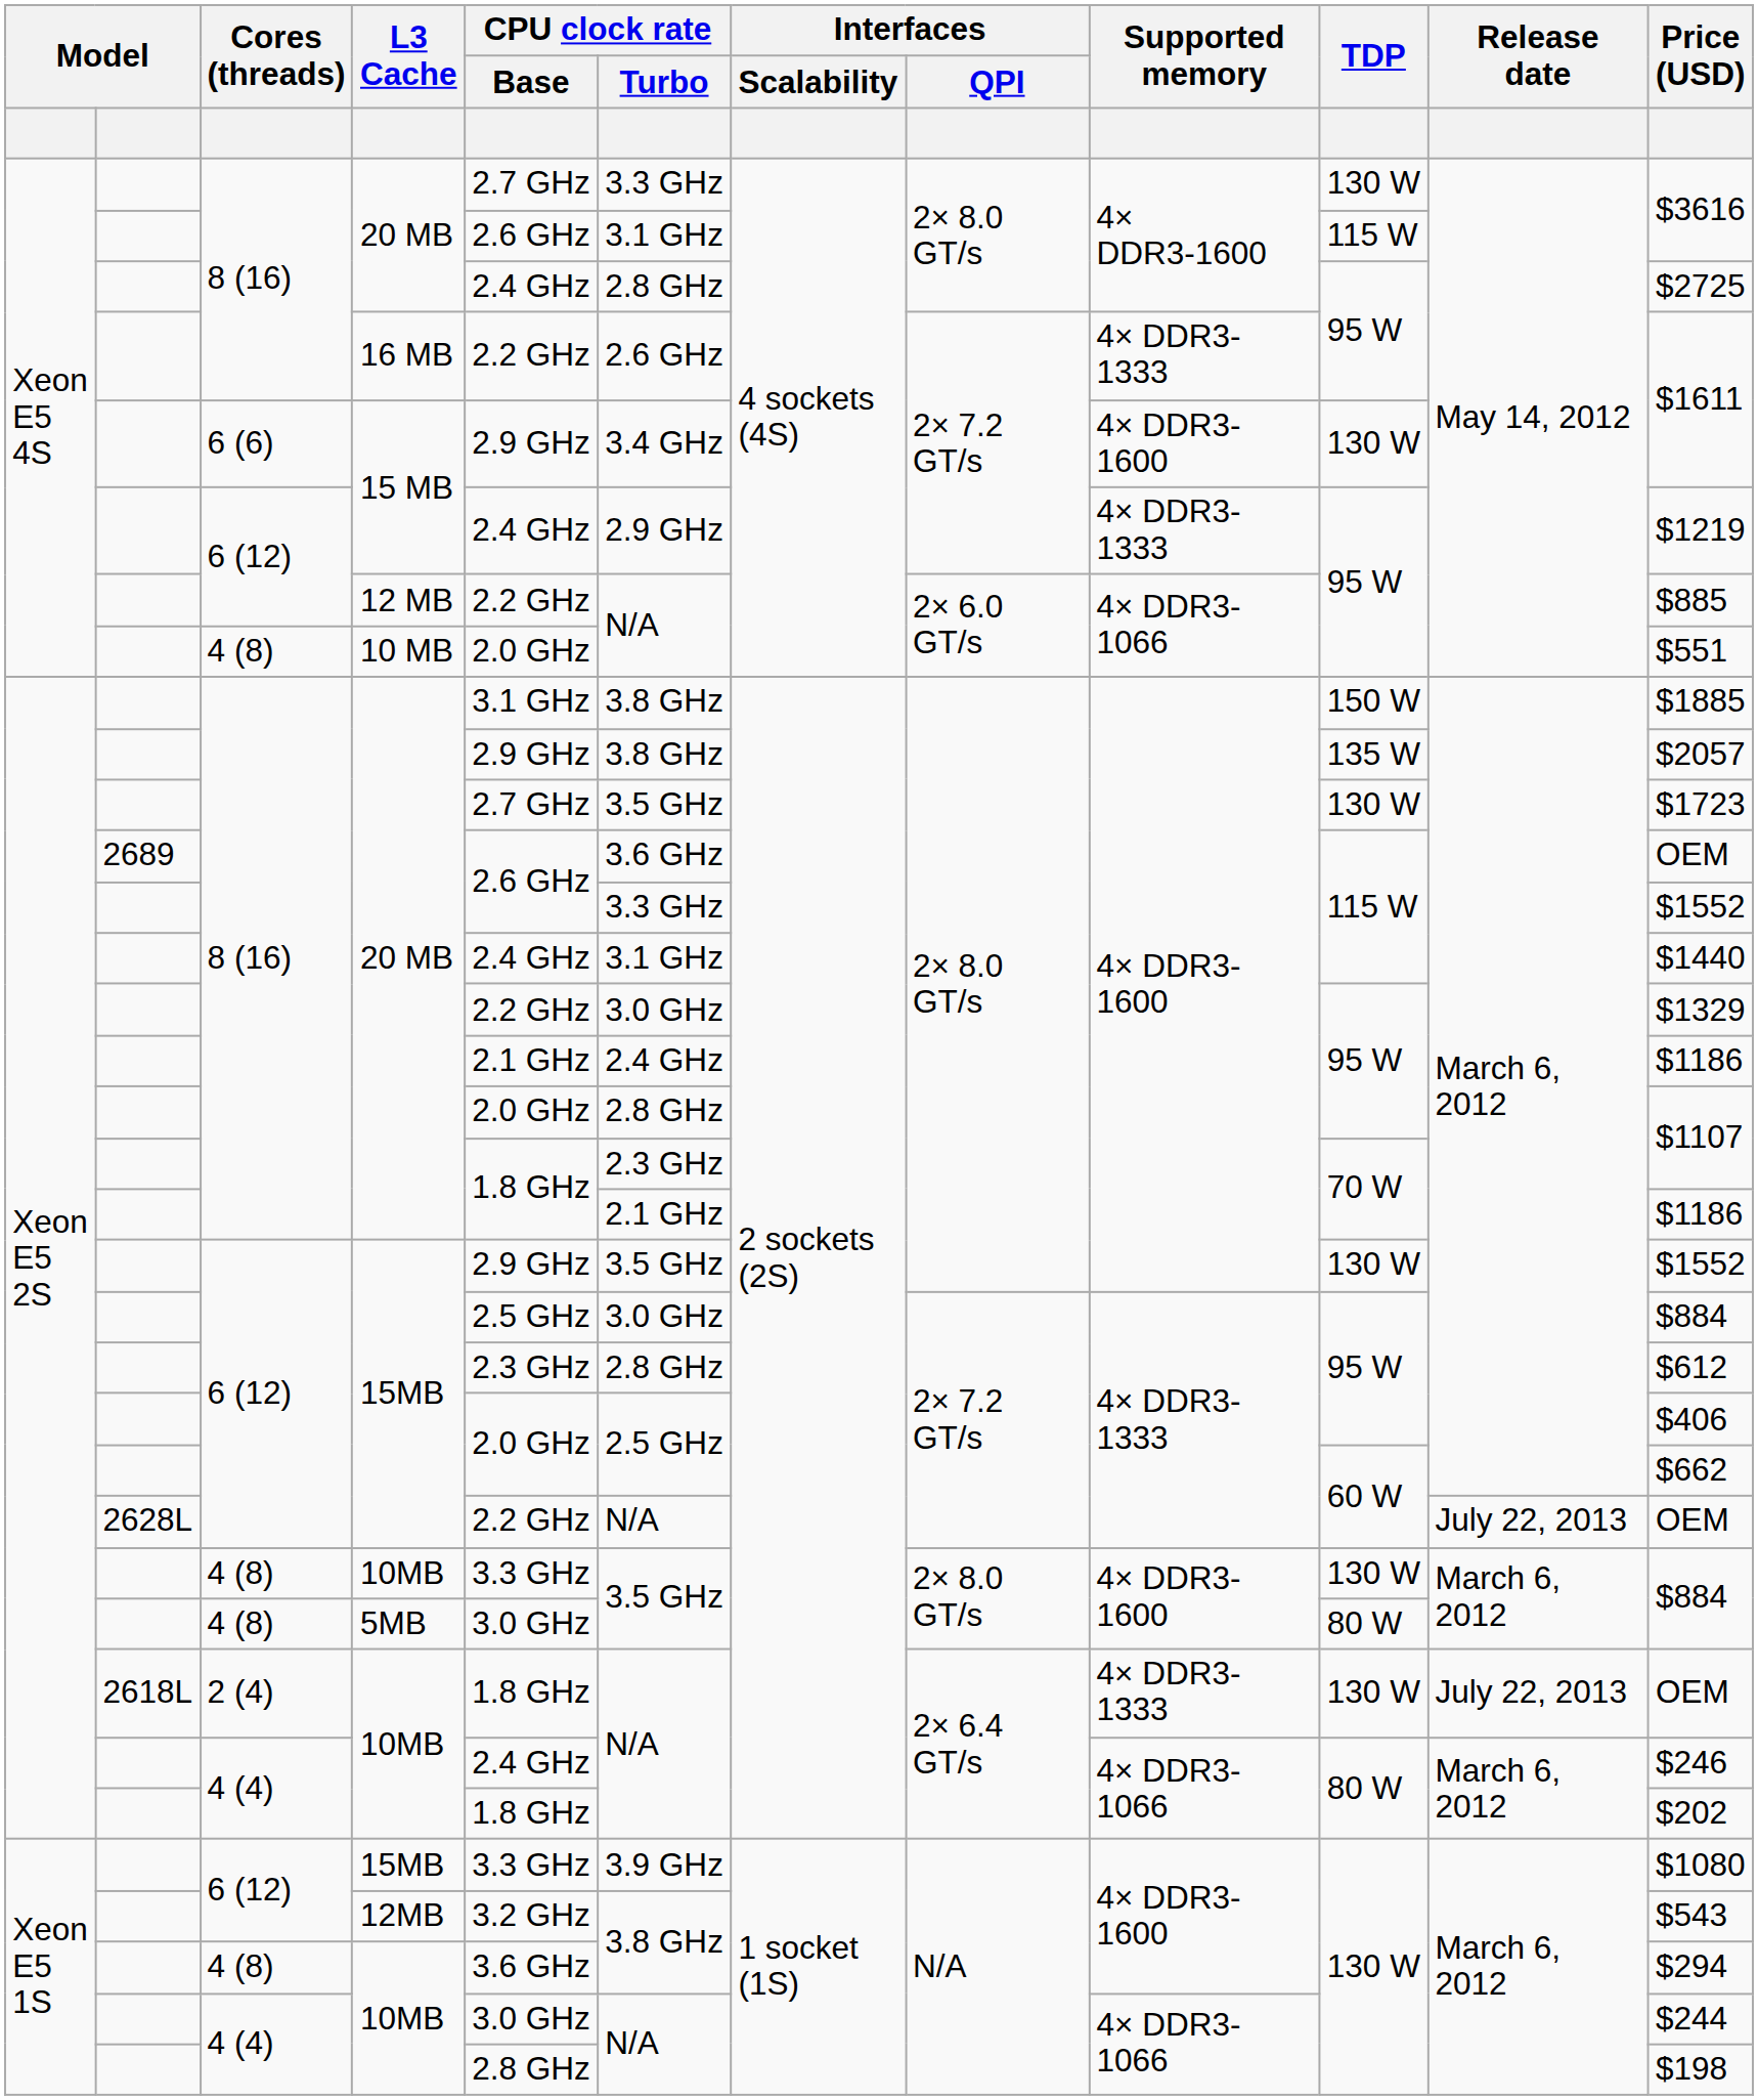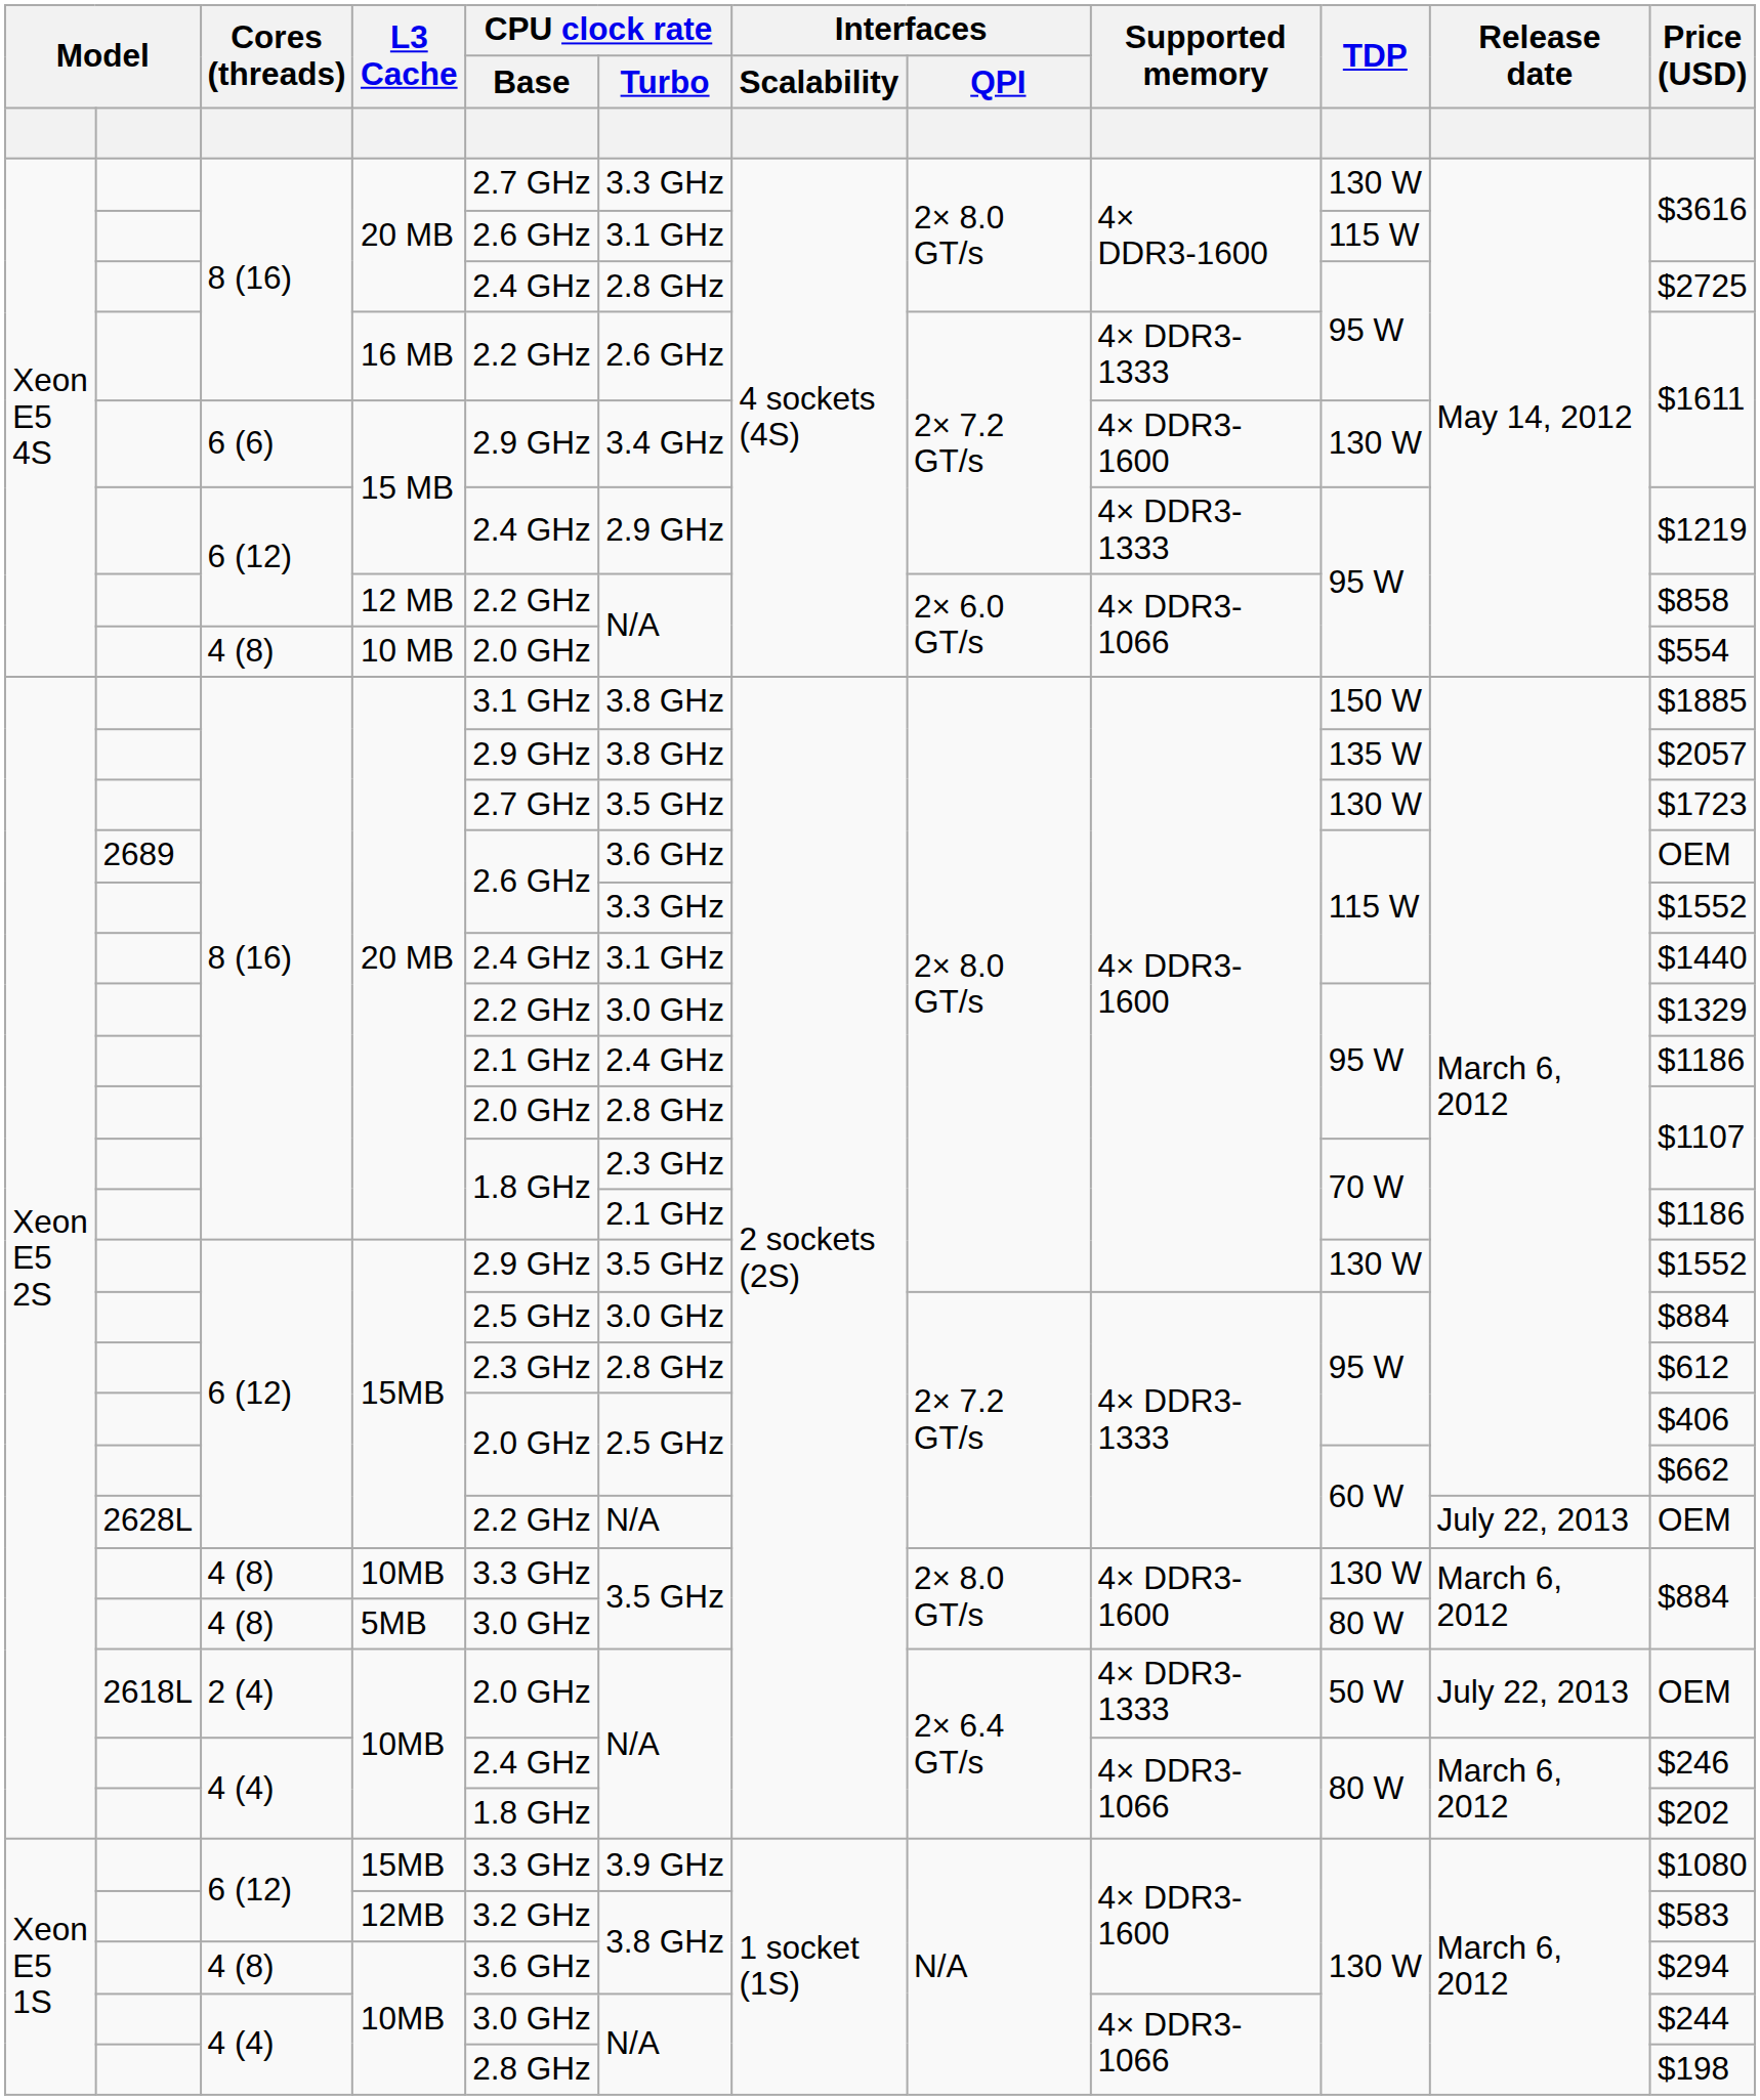 <table class="wikitable sortable hover-highlight">
 <tr>
 <th colspan="2" rowspan="2">Model</th>
 <th rowspan="2">Cores<br>(threads)</th>
 <th rowspan="2"><a href='#'>L3<br>Cache</a></th>
 <th colspan="2">CPU <a href='#'>clock rate</a></th>
 <th colspan="2">Interfaces</th>
 <th rowspan="2">Supported<br>memory</th>
 <th rowspan="2"><a href='#'>TDP</a></th>
 <th rowspan="2">Release<br>date</th>
 <th rowspan="2">Price<br>(USD)</th>
 </tr>
 <tr>
 <th>Base</th>
 <th><a href='#'>Turbo</a></th>
 <th>Scalability</th>
 <th><a href='#'>QPI</a></th>
 </tr>
 <tr>
 <th style="background-position:center"><br></th>
 <th style="background-position:center"></th>
 <th style="background-position:center"></th>
 <th style="background-position:center"></th>
 <th style="background-position:center"></th>
 <th style="background-position:center"></th>
 <th style="background-position:center"></th>
 <th style="background-position:center"></th>
 <th style="background-position:center"></th>
 <th style="background-position:center"></th>
 <th style="background-position:center"></th>
 <th style="background-position:center"></th>
 </tr>
 <tr>
 <td rowspan="8">Xeon<br>E5<br>4S</td>
 <td></td>
 <td rowspan="4">8 (16)</td>
 <td rowspan="3">20 MB</td>
 <td>2.7 GHz</td>
 <td>3.3 GHz</td>
 <td rowspan="8">4 sockets<br>(4S)</td>
 <td rowspan="3">2× 8.0 GT/s</td>
 <td rowspan="3">4×<br>DDR3-1600</td>
 <td>130 W</td>
 <td rowspan="8">May 14, 2012</td>
 <td rowspan="2">$3616</td>
 </tr>
 <tr>
 <td></td>
 <td>2.6 GHz</td>
 <td>3.1 GHz</td>
 <td>115 W</td>
 </tr>
 <tr>
 <td></td>
 <td>2.4 GHz</td>
 <td>2.8 GHz</td>
 <td rowspan="2">95 W</td>
 <td>$2725</td>
 </tr>
 <tr>
 <td></td>
 <td>16 MB</td>
 <td>2.2 GHz</td>
 <td>2.6 GHz</td>
 <td rowspan="3">2× 7.2 GT/s</td>
 <td>4× DDR3-1333</td>
 <td rowspan="2">$1611</td>
 </tr>
 <tr>
 <td></td>
 <td>6 (6)</td>
 <td rowspan="2">15 MB</td>
 <td>2.9 GHz</td>
 <td>3.4 GHz</td>
 <td>4× DDR3-1600</td>
 <td>130 W</td>
 </tr>
 <tr>
 <td></td>
 <td rowspan="2">6 (12)</td>
 <td>2.4 GHz</td>
 <td>2.9 GHz</td>
 <td>4× DDR3-1333</td>
 <td rowspan="3">95 W</td>
 <td>$1219</td>
 </tr>
 <tr>
 <td></td>
 <td>12 MB</td>
 <td>2.2 GHz</td>
 <td rowspan="2">N/A</td>
 <td rowspan="2">2× 6.0 GT/s</td>
 <td rowspan="2">4× DDR3-1066</td>
-<td>$885</td>
+<td>$858</td>
 </tr>
 <tr>
 <td></td>
 <td>4 (8)</td>
 <td>10 MB</td>
 <td>2.0 GHz</td>
-<td>$551</td>
+<td>$554</td>
 </tr>
 <tr>
 <td rowspan="22">Xeon<br>E5<br>2S</td>
 <td></td>
 <td rowspan="11">8 (16)</td>
 <td rowspan="11">20 MB</td>
 <td>3.1 GHz</td>
 <td>3.8 GHz</td>
 <td rowspan="22">2 sockets<br>(2S)</td>
 <td rowspan="12">2× 8.0 GT/s</td>
 <td rowspan="12">4× DDR3-1600</td>
 <td>150 W</td>
 <td rowspan="16">March 6, 2012</td>
 <td>$1885</td>
 </tr>
 <tr>
 <td></td>
 <td>2.9 GHz</td>
 <td>3.8 GHz</td>
 <td>135 W</td>
 <td>$2057</td>
 </tr>
 <tr>
 <td></td>
 <td>2.7 GHz</td>
 <td>3.5 GHz</td>
 <td>130 W</td>
 <td>$1723</td>
 </tr>
 <tr>
 <td>2689</td>
 <td rowspan="2">2.6 GHz</td>
 <td>3.6 GHz</td>
 <td rowspan="3">115 W</td>
 <td>OEM</td>
 </tr>
 <tr>
 <td></td>
 <td>3.3 GHz</td>
 <td>$1552</td>
 </tr>
 <tr>
 <td></td>
 <td>2.4 GHz</td>
 <td>3.1 GHz</td>
 <td>$1440</td>
 </tr>
 <tr>
 <td></td>
 <td>2.2 GHz</td>
 <td>3.0 GHz</td>
 <td rowspan="3">95 W</td>
 <td>$1329</td>
 </tr>
 <tr>
 <td></td>
 <td>2.1 GHz</td>
 <td>2.4 GHz</td>
 <td>$1186</td>
 </tr>
 <tr>
 <td></td>
 <td>2.0 GHz</td>
 <td>2.8 GHz</td>
 <td rowspan="2">$1107</td>
 </tr>
 <tr>
 <td></td>
 <td rowspan="2">1.8 GHz</td>
 <td>2.3 GHz</td>
 <td rowspan="2">70 W</td>
 </tr>
 <tr>
 <td></td>
 <td>2.1 GHz</td>
 <td>$1186</td>
 </tr>
 <tr>
 <td></td>
 <td rowspan="6">6 (12)</td>
 <td rowspan="6">15MB</td>
 <td>2.9 GHz</td>
 <td>3.5 GHz</td>
 <td>130 W</td>
 <td>$1552</td>
 </tr>
 <tr>
 <td></td>
 <td>2.5 GHz</td>
 <td>3.0 GHz</td>
 <td rowspan="5">2× 7.2 GT/s</td>
 <td rowspan="5">4× DDR3-1333</td>
 <td rowspan="3">95 W</td>
 <td>$884</td>
 </tr>
 <tr>
 <td></td>
 <td>2.3 GHz</td>
 <td>2.8 GHz</td>
 <td>$612</td>
 </tr>
 <tr>
 <td></td>
 <td rowspan="2">2.0 GHz</td>
 <td rowspan="2">2.5 GHz</td>
 <td>$406</td>
 </tr>
 <tr>
 <td></td>
 <td rowspan="2">60 W</td>
 <td>$662</td>
 </tr>
 <tr>
 <td>2628L</td>
 <td>2.2 GHz</td>
 <td>N/A</td>
 <td>July 22, 2013</td>
 <td>OEM</td>
 </tr>
 <tr>
 <td></td>
 <td>4 (8)</td>
 <td>10MB</td>
 <td>3.3 GHz</td>
 <td rowspan="2">3.5 GHz</td>
 <td rowspan="2">2× 8.0 GT/s</td>
 <td rowspan="2">4× DDR3-1600</td>
 <td>130 W</td>
 <td rowspan="2">March 6, 2012</td>
 <td rowspan="2">$884</td>
 </tr>
 <tr>
 <td></td>
 <td>4 (8)</td>
 <td>5MB</td>
 <td>3.0 GHz</td>
 <td>80 W</td>
 </tr>
 <tr>
 <td>2618L</td>
 <td>2 (4)</td>
 <td rowspan="3">10MB</td>
-<td>1.8 GHz</td>
+<td>2.0 GHz</td>
 <td rowspan="3">N/A</td>
 <td rowspan="3">2× 6.4 GT/s</td>
 <td>4× DDR3-1333</td>
-<td>130 W</td>
+<td>50 W</td>
 <td>July 22, 2013</td>
 <td>OEM</td>
 </tr>
 <tr>
 <td></td>
 <td rowspan="2">4 (4)</td>
 <td>2.4 GHz</td>
 <td rowspan="2">4× DDR3-1066</td>
 <td rowspan="2">80 W</td>
 <td rowspan="2">March 6, 2012</td>
 <td>$246</td>
 </tr>
 <tr>
 <td></td>
 <td>1.8 GHz</td>
 <td>$202</td>
 </tr>
 <tr>
 <td rowspan="5">Xeon<br>E5<br>1S</td>
 <td></td>
 <td rowspan="2">6 (12)</td>
 <td>15MB</td>
 <td>3.3 GHz</td>
 <td>3.9 GHz</td>
 <td rowspan="5">1 socket<br>(1S)</td>
 <td rowspan="5">N/A</td>
 <td rowspan="3">4× DDR3-1600</td>
 <td rowspan="5">130 W</td>
 <td rowspan="5">March 6, 2012</td>
 <td>$1080</td>
 </tr>
 <tr>
 <td></td>
 <td>12MB</td>
 <td>3.2 GHz</td>
 <td rowspan="2">3.8 GHz</td>
-<td>$543</td>
+<td>$583</td>
 </tr>
 <tr>
 <td></td>
 <td>4 (8)</td>
 <td rowspan="3">10MB</td>
 <td>3.6 GHz</td>
 <td>$294</td>
 </tr>
 <tr>
 <td></td>
 <td rowspan="2">4 (4)</td>
 <td>3.0 GHz</td>
 <td rowspan="2">N/A</td>
 <td rowspan="2">4× DDR3-1066</td>
 <td>$244</td>
 </tr>
 <tr>
 <td></td>
 <td>2.8 GHz</td>
 <td>$198</td>
 </tr>
 </table>
